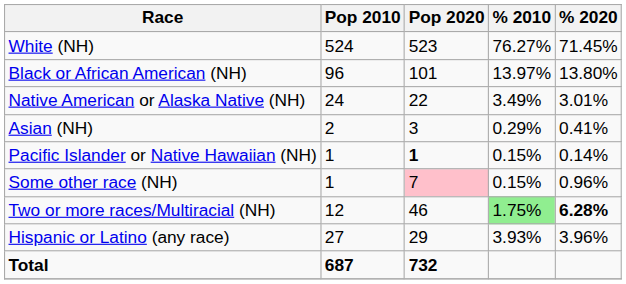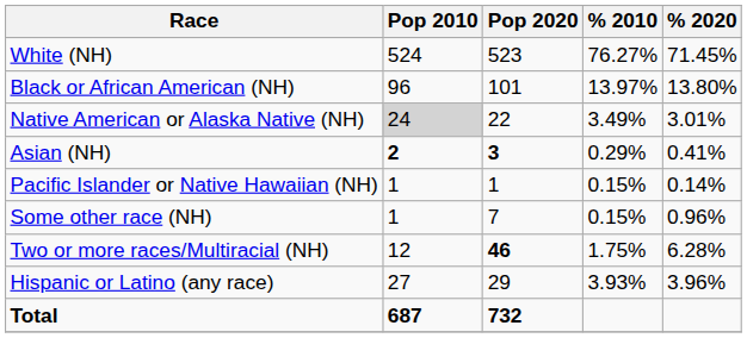 <table class="wikitable">
 <tr>
 <th>Race</th>
 <th>Pop 2010</th>
 <th>Pop 2020</th>
 <th>% 2010</th>
 <th>% 2020</th>
 </tr>
 <tr>
 <td><a href='#'>White</a> (NH)</td>
 <td>524</td>
 <td>523</td>
 <td>76.27%</td>
 <td>71.45%</td>
 </tr>
 <tr>
 <td><a href='#'>Black or African American</a> (NH)</td>
 <td>96</td>
 <td>101</td>
 <td>13.97%</td>
 <td>13.80%</td>
 </tr>
 <tr>
 <td><a href='#'>Native American</a> or <a href='#'>Alaska Native</a> (NH)</td>
-<td>24</td>
+<td style="background: lightgrey;">24</td>
 <td>22</td>
 <td>3.49%</td>
 <td>3.01%</td>
 </tr>
 <tr>
 <td><a href='#'>Asian</a> (NH)</td>
-<td>2</td>
-<td>3</td>
+<td><strong>2</strong></td>
+<td><strong>3</strong></td>
 <td>0.29%</td>
 <td>0.41%</td>
 </tr>
 <tr>
 <td><a href='#'>Pacific Islander</a> or <a href='#'>Native Hawaiian</a> (NH)</td>
 <td>1</td>
-<td><strong>1</strong></td>
+<td>1</td>
 <td>0.15%</td>
 <td>0.14%</td>
 </tr>
 <tr>
 <td><a href='#'>Some other race</a> (NH)</td>
 <td>1</td>
-<td style="background: pink;">7</td>
+<td>7</td>
 <td>0.15%</td>
 <td>0.96%</td>
 </tr>
 <tr>
 <td><a href='#'>Two or more races/Multiracial</a> (NH)</td>
 <td>12</td>
-<td>46</td>
-<td style="background: lightgreen;">1.75%</td>
-<td><strong>6.28%</strong></td>
+<td><strong>46</strong></td>
+<td>1.75%</td>
+<td>6.28%</td>
 </tr>
 <tr>
 <td><a href='#'>Hispanic or Latino</a> (any race)</td>
 <td>27</td>
 <td>29</td>
 <td>3.93%</td>
 <td>3.96%</td>
 </tr>
 <tr>
 <td><strong>Total</strong></td>
 <td><strong>687</strong></td>
 <td><strong>732</strong></td>
 <td></td>
 <td></td>
 </tr>
 <tr>
 </tr>
 </table>
